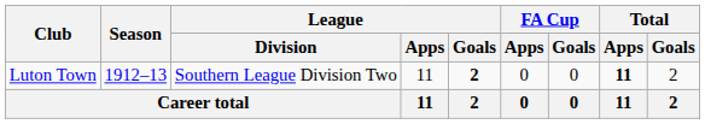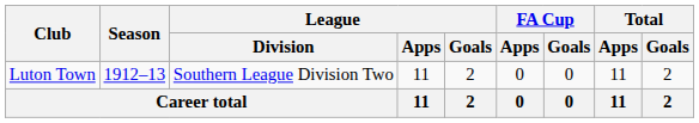 <table class=wikitable style=text-align:center>
 <tr>
 <th rowspan=2>Club</th>
 <th rowspan=2>Season</th>
 <th colspan=3>League</th>
 <th colspan=2><a href='#'>FA Cup</a></th>
 <th colspan=2>Total</th>
 </tr>
 <tr>
 <th>Division</th>
 <th>Apps</th>
 <th>Goals</th>
 <th>Apps</th>
 <th>Goals</th>
 <th>Apps</th>
 <th>Goals</th>
 </tr>
 <tr>
 <td><a href='#'>Luton Town</a></td>
 <td><a href='#'>1912–13</a></td>
 <td><a href='#'>Southern League</a> Division Two</td>
 <td>11</td>
-<td><strong>2</strong></td>
+<td>2</td>
 <td>0</td>
 <td>0</td>
-<td><strong>11</strong></td>
+<td>11</td>
 <td>2</td>
 </tr>
 <tr>
 <th colspan=3>Career total</th>
 <th>11</th>
 <th>2</th>
 <th>0</th>
 <th>0</th>
 <th>11</th>
 <th>2</th>
 </tr>
 </table>
